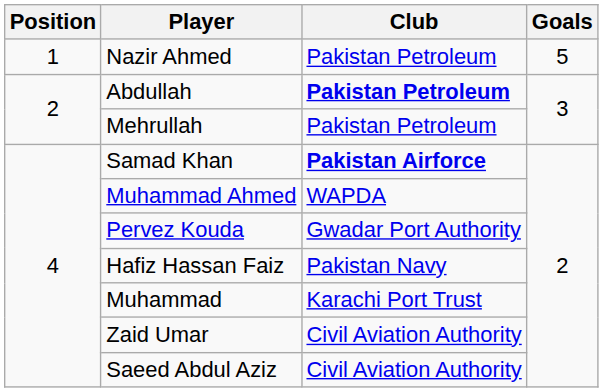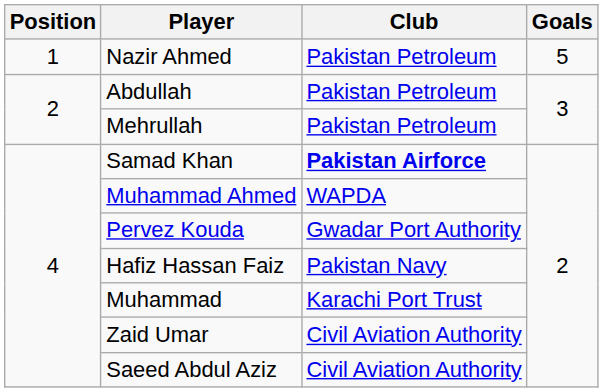 <table class="wikitable" style="text-align:center">
 <tr>
 <th>Position</th>
 <th>Player</th>
 <th>Club</th>
 <th>Goals</th>
 </tr>
 <tr>
 <td>1</td>
 <td align="left">Nazir Ahmed</td>
 <td align="left"><a href='#'>Pakistan Petroleum</a></td>
 <td>5</td>
 </tr>
 <tr>
 <td rowspan=2>2</td>
 <td align="left">Abdullah</td>
-<td align="left"><strong><a href='#'>Pakistan Petroleum</a></strong></td>
+<td align="left"><a href='#'>Pakistan Petroleum</a></td>
 <td rowspan=2>3</td>
 </tr>
 <tr>
 <td align="left">Mehrullah</td>
 <td align="left"><a href='#'>Pakistan Petroleum</a></td>
 </tr>
 <tr>
 <td rowspan=7>4</td>
 <td align="left">Samad Khan</td>
 <td align="left"><strong><a href='#'>Pakistan Airforce</a></strong></td>
 <td rowspan=7>2</td>
 </tr>
 <tr>
 <td align="left"><a href='#'>Muhammad Ahmed</a></td>
 <td align="left"><a href='#'>WAPDA</a></td>
 </tr>
 <tr>
 <td align="left"><a href='#'>Pervez Kouda</a></td>
 <td align="left"><a href='#'>Gwadar Port Authority</a></td>
 </tr>
 <tr>
 <td align="left">Hafiz Hassan Faiz</td>
 <td align="left"><a href='#'>Pakistan Navy</a></td>
 </tr>
 <tr>
 <td align="left">Muhammad</td>
 <td align="left"><a href='#'>Karachi Port Trust</a></td>
 </tr>
 <tr>
 <td align="left">Zaid Umar</td>
 <td align="left"><a href='#'>Civil Aviation Authority</a></td>
 </tr>
 <tr>
 <td align="left">Saeed Abdul Aziz</td>
 <td align="left"><a href='#'>Civil Aviation Authority</a></td>
 </tr>
 </table>
